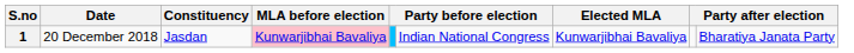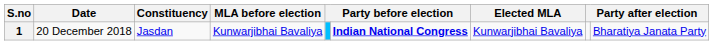 <table class="wikitable sortable">
 <tr>
 <th>S.no</th>
 <th>Date</th>
 <th>Constituency</th>
 <th>MLA before election</th>
 <th colspan="2">Party before election</th>
 <th>Elected MLA</th>
 <th colspan="2">Party after election</th>
 </tr>
 <tr>
 <th>1</th>
 <td>20 December 2018</td>
 <td><a href='#'>Jasdan</a></td>
-<td style="background: pink;"><a href='#'>Kunwarjibhai Bavaliya</a></td>
+<td><a href='#'>Kunwarjibhai Bavaliya</a></td>
 <td bgcolor=#00BFFF></td>
-<td><a href='#'>Indian National Congress</a></td>
+<td><strong><a href='#'>Indian National Congress</a></strong></td>
 <td><a href='#'>Kunwarjibhai Bavaliya</a></td>
 <td></td>
 <td><a href='#'>Bharatiya Janata Party</a></td>
 </tr>
 </table>
